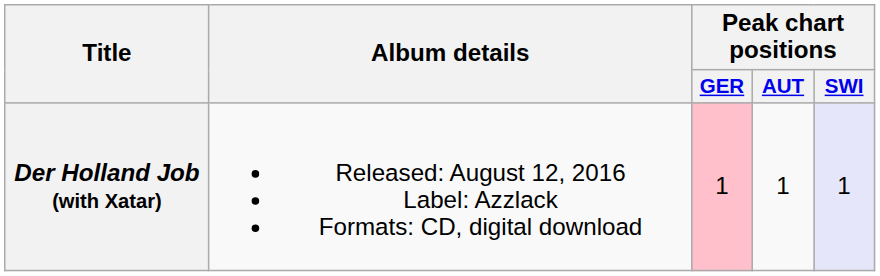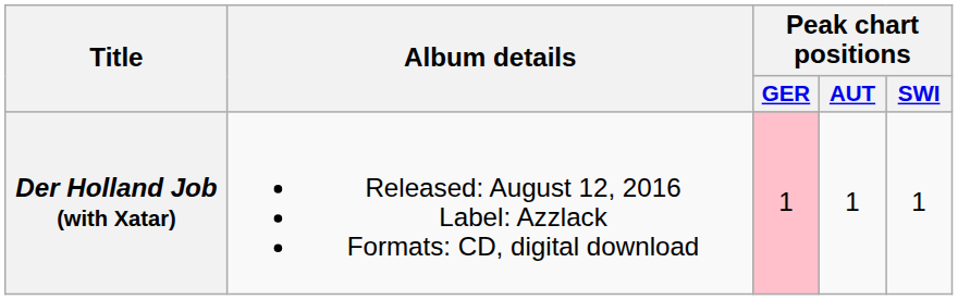 <table class="wikitable plainrowheaders" style="text-align:center;">
 <tr>
 <th scope="col" rowspan="2" style="width:8em;">Title</th>
 <th scope="col" rowspan="2" style="width:19.5em;">Album details</th>
 <th scope="col" colspan="3">Peak chart positions</th>
 </tr>
 <tr>
 <th style="width:2.5em; font-size:85%"><a href='#'>GER</a><br></th>
 <th style="width:2.5em; font-size:85%"><a href='#'>AUT</a><br></th>
 <th style="width:2.5em; font-size:85%"><a href='#'>SWI</a><br></th>
 </tr>
 <tr>
 <th scope="row"><em>Der Holland Job</em><br><small>(with Xatar)</small></th>
 <td><br><ul><li>Released: August 12, 2016</li><li>Label: Azzlack</li><li>Formats: CD, digital download</li></ul></td>
 <td style="background: pink;">1</td>
 <td>1</td>
-<td style="background: lavender;">1</td>
+<td>1</td>
 </tr>
 </table>
